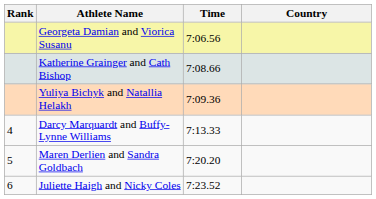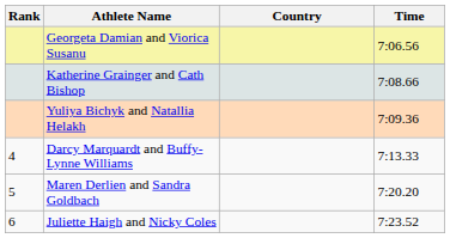 <table class="wikitable sortable">
 <tr>
 <th width=25>Rank</th>
 <th width=200>Athlete Name</th>
+<th width=175>Country</th>
 <th width=75>Time</th>
-<th width=175>Country</th>
 </tr>
 <tr style="background:#F7F6A8;”">
 <td></td>
 <td><a href='#'>Georgeta Damian</a> and <a href='#'>Viorica Susanu</a></td>
+<td></td>
 <td>7:06.56</td>
-<td></td>
 </tr>
 <tr style="background:#DCE5E5;”">
 <td></td>
 <td><a href='#'>Katherine Grainger</a> and <a href='#'>Cath Bishop</a></td>
+<td></td>
 <td>7:08.66</td>
-<td></td>
 </tr>
 <tr style="background:#FFDAB9;">
 <td></td>
 <td><a href='#'>Yuliya Bichyk</a> and <a href='#'>Natallia Helakh</a></td>
+<td></td>
 <td>7:09.36</td>
-<td></td>
 </tr>
 <tr>
 <td>4</td>
 <td><a href='#'>Darcy Marquardt</a> and <a href='#'>Buffy-Lynne Williams</a></td>
+<td></td>
 <td>7:13.33</td>
-<td></td>
 </tr>
 <tr>
 <td>5</td>
 <td><a href='#'>Maren Derlien</a> and <a href='#'>Sandra Goldbach</a></td>
+<td></td>
 <td>7:20.20</td>
-<td></td>
 </tr>
 <tr>
 <td>6</td>
 <td><a href='#'>Juliette Haigh</a> and <a href='#'>Nicky Coles</a></td>
+<td></td>
 <td>7:23.52</td>
-<td></td>
 </tr>
 </table>
